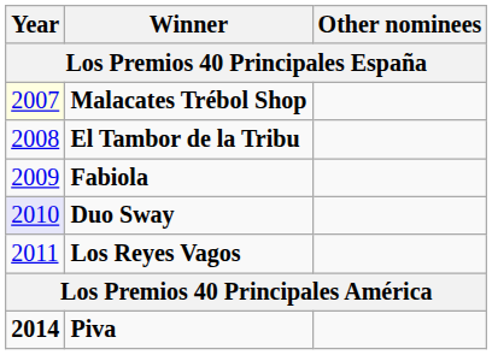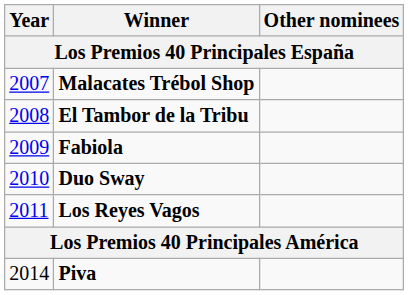 <table class="wikitable">
 <tr>
 <th>Year</th>
 <th>Winner</th>
 <th>Other nominees</th>
 </tr>
 <tr>
 <th colspan=3>Los Premios 40 Principales España</th>
 </tr>
 <tr>
-<td style="background: lightyellow;"><a href='#'>2007</a></td>
+<td><a href='#'>2007</a></td>
 <td><strong>Malacates Trébol Shop</strong></td>
 <td></td>
 </tr>
 <tr>
 <td><a href='#'>2008</a></td>
 <td><strong>El Tambor de la Tribu</strong></td>
 <td></td>
 </tr>
 <tr>
 <td><a href='#'>2009</a></td>
 <td><strong>Fabiola</strong></td>
 <td></td>
 </tr>
 <tr>
-<td style="background: lavender;"><a href='#'>2010</a></td>
+<td><a href='#'>2010</a></td>
 <td><strong>Duo Sway</strong></td>
 <td></td>
 </tr>
 <tr>
 <td><a href='#'>2011</a></td>
 <td><strong>Los Reyes Vagos</strong></td>
 <td></td>
 </tr>
 <tr>
 <th colspan=3>Los Premios 40 Principales América</th>
 </tr>
 <tr>
-<td><strong>2014</strong></td>
+<td>2014</td>
 <td><strong>Piva</strong></td>
 <td></td>
 </tr>
 </table>
